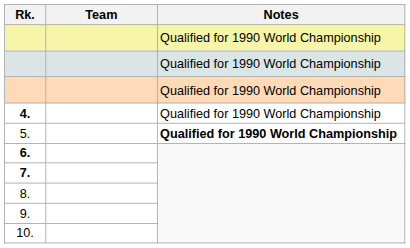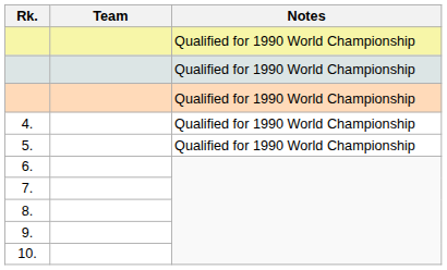 <table class="wikitable" style="border:1px solid #AAAAAA;font-size:90%">
 <tr bgcolor="#E4E4E4">
 <th style="border-bottom:1px solid #AAAAAA" width=40>Rk.</th>
 <th style="border-bottom:1px solid #AAAAAA" width=120>Team</th>
 <th style="border-bottom:1px solid #AAAAAA" width=275>Notes</th>
 </tr>
 <tr bgcolor="#F7F6A8">
 <td align="center" style="height:23px"></td>
 <td><strong></strong></td>
 <td>Qualified for 1990 World Championship</td>
 </tr>
 <tr bgcolor="#DCE5E5">
 <td align="center" style="height:23px"></td>
 <td></td>
 <td>Qualified for 1990 World Championship</td>
 </tr>
 <tr bgcolor="#FFDAB9">
 <td align="center" style="height:23px"></td>
 <td></td>
 <td>Qualified for 1990 World Championship</td>
 </tr>
 <tr style="background:#ffffff;">
-<td align="center"><strong>4.</strong></td>
+<td align="center">4.</td>
 <td></td>
 <td>Qualified for 1990 World Championship</td>
 </tr>
 <tr style="background:#ffffff;">
 <td align="center">5.</td>
 <td></td>
-<td><strong>Qualified for 1990 World Championship</strong></td>
+<td>Qualified for 1990 World Championship</td>
 </tr>
 <tr style="background:#ffffff;">
-<td align="center"><strong>6.</strong></td>
+<td align="center">6.</td>
 <td></td>
 </tr>
 <tr style="background:#ffffff;">
-<td align="center"><strong>7.</strong></td>
+<td align="center">7.</td>
 <td></td>
 </tr>
 <tr style="background:#ffffff;">
 <td align="center">8.</td>
 <td></td>
 </tr>
 <tr style="background:#ffffff;">
 <td align="center">9.</td>
 <td></td>
 </tr>
 <tr style="background:#ffffff;">
 <td align="center">10.</td>
 <td></td>
 </tr>
 </table>
